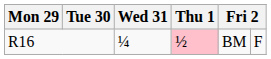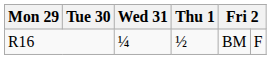 <table class="wikitable olympic-schedule tennis">
 <tr>
 <th>Mon 29</th>
 <th>Tue 30</th>
 <th>Wed 31</th>
 <th>Thu 1</th>
 <th colspan=2>Fri 2</th>
 </tr>
 <tr>
 <td colspan=2 class="prelims">R16</td>
 <td class="quarterfinals">¼</td>
-<td class="semifinals" style="background: pink;">½</td>
+<td class="semifinals">½</td>
 <td class="final">BM</td>
 <td class="final">F</td>
 </tr>
 </table>
